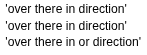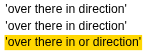 <table>
 <tr>
 <td></td>
 <td>'over there in  direction'</td>
 </tr>
 <tr>
 <td></td>
 <td>'over there in  direction'</td>
 </tr>
 <tr>
 <td></td>
-<td>'over there in  or  direction'</td>
+<td style="background: gold;">'over there in  or  direction'</td>
 </tr>
 </table>
